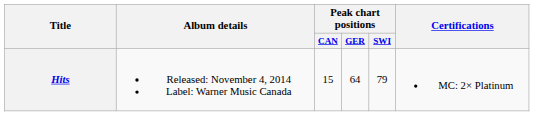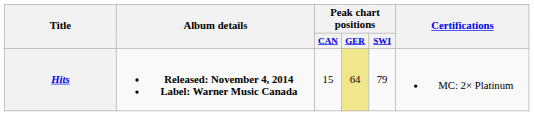 <table class="wikitable plainrowheaders" style="text-align:center;">
 <tr>
 <th scope="col" rowspan="2" style="width:10em;">Title</th>
 <th scope="col" rowspan="2" style="width:18em;">Album details</th>
 <th scope="col" colspan="3">Peak chart positions</th>
 <th scope="col" rowspan="2" style="width:12em;"><a href='#'>Certifications</a></th>
 </tr>
 <tr>
 <th style="width:2.5em;font-size:85%"><a href='#'>CAN</a><br></th>
 <th style="width:2.5em;font-size:85%"><a href='#'>GER</a><br></th>
 <th style="width:2.5em;font-size:85%"><a href='#'>SWI</a><br></th>
 </tr>
 <tr>
 <th scope="row"><em><a href='#'>Hits</a></em></th>
-<td><br><ul><li>Released: November 4, 2014</li><li>Label: Warner Music Canada</li></ul></td>
+<td><strong><br><ul><li>Released: November 4, 2014</li><li>Label: Warner Music Canada</li></ul></strong></td>
 <td>15</td>
-<td>64</td>
+<td style="background: khaki;">64</td>
 <td>79</td>
 <td><br><ul><li>MC: 2× Platinum</li></ul></td>
 </tr>
 </table>
